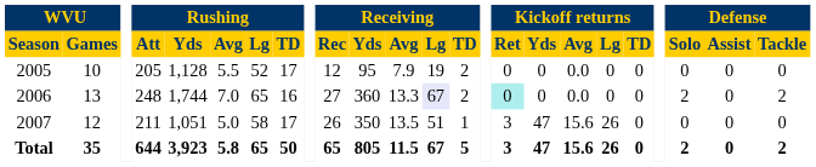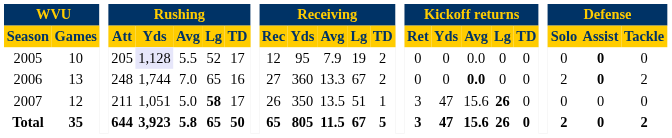 <table BORDER="0" CELLPADDING="3" CELLSPACING="0" ID="Table3" border="2">
 <tr style="text-align:center; background:#e0e0e0;">
 <th colspan="2" style="text-align:center; background:#036; color:#fc0;"> WVU</th>
 <th rowspan="99" style="text-align:center; background:#fff;"> </th>
 <th colspan="5" style="text-align:center; background:#036; color:#fc0;">Rushing</th>
 <th rowspan="99" style="text-align:center; background:#fff;"> </th>
 <th colspan="5" style="text-align:center; background:#036; color:#fc0;">Receiving</th>
 <th rowspan="99" style="text-align:center; background:#fff;"> </th>
 <th colspan="5" style="text-align:center; background:#036; color:#fc0;">Kickoff returns</th>
 <th rowspan="99" style="text-align:center; background:#fff;"> </th>
 <th colspan="3" style="text-align:center; background:#036; color:#fc0;">Defense</th>
 </tr>
 <tr style="text-align:center; background:#fc0; color:#036;">
 <th style="text-align:center;">Season</th>
 <th style="text-align:center;">Games</th>
 <th style="text-align:center;">Att</th>
 <th style="text-align:center;">Yds</th>
 <th style="text-align:center;">Avg</th>
 <th style="text-align:center;">Lg</th>
 <th style="text-align:center;">TD</th>
 <th style="text-align:center;">Rec</th>
 <th style="text-align:center;">Yds</th>
 <th style="text-align:center;">Avg</th>
 <th style="text-align:center;">Lg</th>
 <th style="text-align:center;">TD</th>
 <th style="text-align:center;">Ret</th>
 <th style="text-align:center;">Yds</th>
 <th style="text-align:center;">Avg</th>
 <th style="text-align:center;">Lg</th>
 <th style="text-align:center;">TD</th>
 <th style="text-align:center;">Solo</th>
 <th style="text-align:center;">Assist</th>
 <th style="text-align:center;">Tackle</th>
 </tr>
 <tr style="text-align:center; text-align:center;">
 <td>2005</td>
 <td>10</td>
 <td>205</td>
-<td>1,128</td>
+<td style="background: lavender;">1,128</td>
 <td>5.5</td>
 <td>52</td>
 <td>17</td>
 <td>12</td>
 <td>95</td>
 <td>7.9</td>
 <td>19</td>
 <td>2</td>
 <td>0</td>
 <td>0</td>
 <td>0.0</td>
 <td>0</td>
 <td>0</td>
 <td>0</td>
-<td>0</td>
+<td><strong>0</strong></td>
 <td>0</td>
 </tr>
 <tr style="text-align:center; text-align:center;">
 <td>2006</td>
 <td>13</td>
 <td>248</td>
 <td>1,744</td>
 <td>7.0</td>
 <td>65</td>
 <td>16</td>
 <td>27</td>
 <td>360</td>
 <td>13.3</td>
-<td style="background: lavender;">67</td>
+<td>67</td>
 <td>2</td>
-<td style="background: paleturquoise;">0</td>
 <td>0</td>
-<td>0.0</td>
+<td>0</td>
+<td><strong>0.0</strong></td>
 <td>0</td>
 <td>0</td>
 <td>2</td>
-<td>0</td>
+<td><strong>0</strong></td>
 <td>2</td>
 </tr>
 <tr style="text-align:center; text-align:center;">
 <td>2007</td>
 <td>12</td>
 <td>211</td>
 <td>1,051</td>
 <td>5.0</td>
-<td>58</td>
+<td><strong>58</strong></td>
 <td>17</td>
 <td>26</td>
 <td>350</td>
 <td>13.5</td>
 <td>51</td>
 <td>1</td>
 <td>3</td>
 <td>47</td>
 <td>15.6</td>
-<td>26</td>
+<td><strong>26</strong></td>
 <td>0</td>
 <td>0</td>
 <td>0</td>
 <td>0</td>
 </tr>
 <tr style="text-align:center;">
 <th style="text-align:center;">Total</th>
 <th style="text-align:center;">35</th>
 <th style="text-align:center;">644</th>
 <th style="text-align:center;">3,923</th>
 <th style="text-align:center;">5.8</th>
 <th style="text-align:center;">65</th>
 <th style="text-align:center;">50</th>
 <th style="text-align:center;">65</th>
 <th style="text-align:center;">805</th>
 <th style="text-align:center;">11.5</th>
 <th style="text-align:center;">67</th>
 <th style="text-align:center;">5</th>
 <th style="text-align:center;">3</th>
 <th style="text-align:center;">47</th>
 <th style="text-align:center;">15.6</th>
 <th style="text-align:center;">26</th>
 <th style="text-align:center;">0</th>
 <th style="text-align:center;">2</th>
 <th style="text-align:center;">0</th>
 <th style="text-align:center;">2</th>
 </tr>
 </table>
